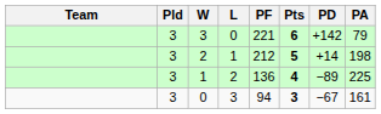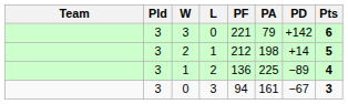 <table class=wikitable style="text-align:center">
 <tr>
 <th width=180>Team</th>
 <th width=30>Pld</th>
 <th width=30>W</th>
 <th width=30>L</th>
 <th width=30>PF</th>
+<th width=30>PA</th>
+<th width=30>PD</th>
 <th width=30>Pts</th>
-<th width=30>PD</th>
-<th width=30>PA</th>
 </tr>
 <tr align=center bgcolor="#ccffcc">
 <td align="left"></td>
 <td>3</td>
 <td>3</td>
 <td>0</td>
 <td>221</td>
+<td>79</td>
+<td>+142</td>
 <td><strong>6</strong></td>
-<td>+142</td>
-<td>79</td>
 </tr>
 <tr align=center bgcolor="#ccffcc">
 <td align="left"></td>
 <td>3</td>
 <td>2</td>
 <td>1</td>
 <td>212</td>
+<td>198</td>
+<td>+14</td>
 <td><strong>5</strong></td>
-<td>+14</td>
-<td>198</td>
 </tr>
 <tr align=center bgcolor="#ccffcc">
 <td align="left"></td>
 <td>3</td>
 <td>1</td>
 <td>2</td>
 <td>136</td>
+<td>225</td>
+<td>−89</td>
 <td><strong>4</strong></td>
-<td>−89</td>
-<td>225</td>
 </tr>
 <tr>
 <td align="left"></td>
 <td>3</td>
 <td>0</td>
 <td>3</td>
 <td>94</td>
+<td>161</td>
+<td>−67</td>
 <td><strong>3</strong></td>
-<td>−67</td>
-<td>161</td>
 </tr>
 </table>
